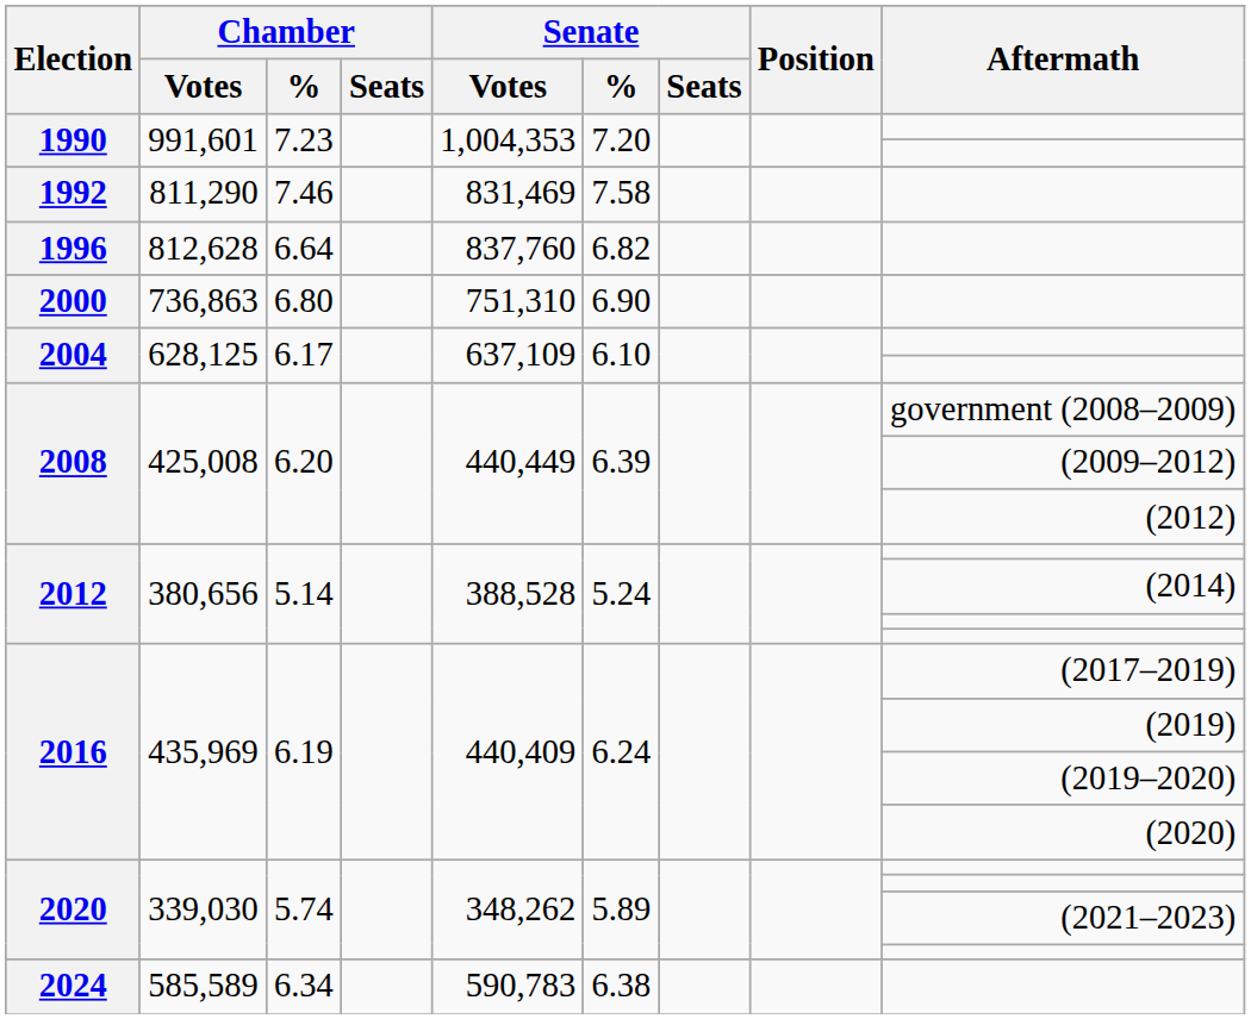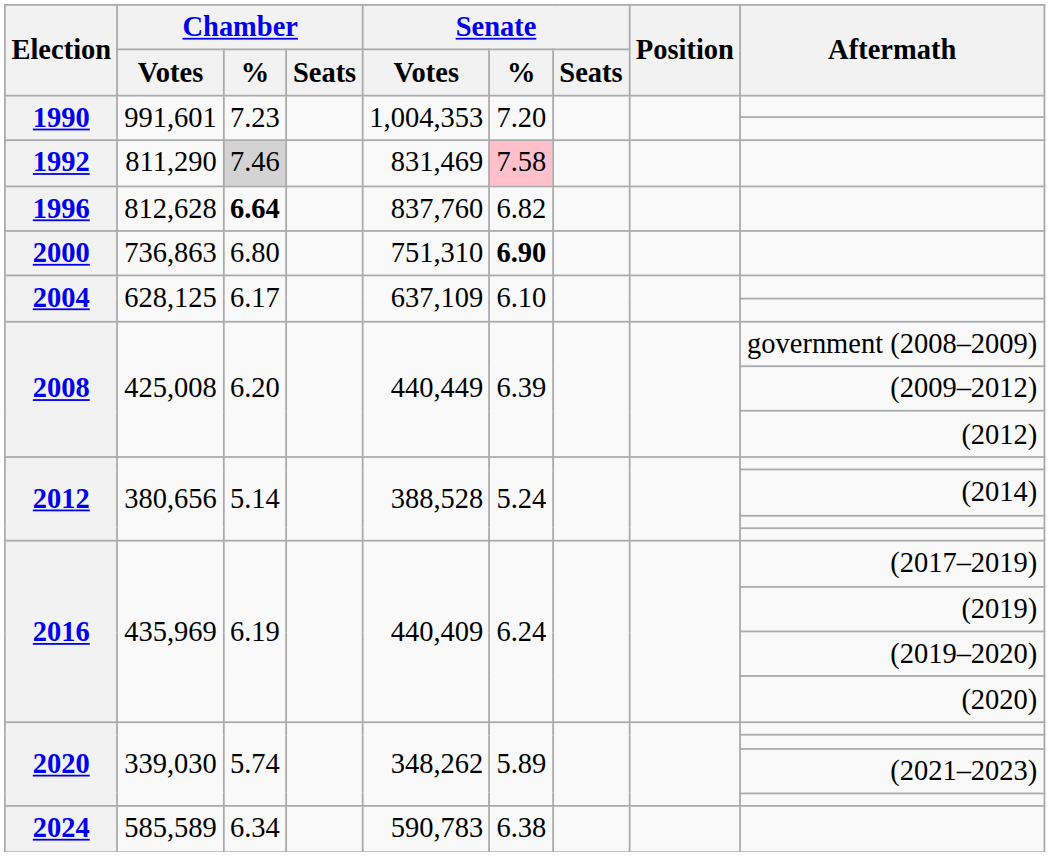 <table class="wikitable" style="text-align: right;">
 <tr>
 <th rowspan="2">Election</th>
 <th colspan="3"><a href='#'>Chamber</a></th>
 <th colspan="3"><a href='#'>Senate</a></th>
 <th rowspan="2">Position</th>
 <th rowspan="2">Aftermath</th>
 </tr>
 <tr>
 <th>Votes</th>
 <th>%</th>
 <th>Seats</th>
 <th>Votes</th>
 <th>%</th>
 <th>Seats</th>
 </tr>
 <tr>
 <th rowspan=2><a href='#'>1990</a></th>
 <td rowspan=2>991,601</td>
 <td rowspan=2>7.23</td>
 <td rowspan=2></td>
 <td rowspan=2>1,004,353</td>
 <td rowspan=2>7.20</td>
 <td rowspan=2></td>
 <td rowspan=2; style="text-align: center;"></td>
 <td></td>
 </tr>
 <tr>
 <td></td>
 </tr>
 <tr>
 <th><a href='#'>1992</a></th>
 <td>811,290</td>
-<td>7.46</td>
+<td style="background: lightgrey;">7.46</td>
 <td></td>
 <td>831,469</td>
-<td>7.58</td>
+<td style="background: pink;">7.58</td>
 <td></td>
 <td style="text-align: center;"></td>
 <td></td>
 </tr>
 <tr>
 <th><a href='#'>1996</a></th>
 <td>812,628</td>
-<td>6.64</td>
+<td><strong>6.64</strong></td>
 <td></td>
 <td>837,760</td>
 <td>6.82</td>
 <td></td>
 <td style="text-align: center;"></td>
 <td></td>
 </tr>
 <tr>
 <th><a href='#'>2000</a></th>
 <td>736,863</td>
 <td>6.80</td>
 <td></td>
 <td>751,310</td>
-<td>6.90</td>
+<td><strong>6.90</strong></td>
 <td></td>
 <td style="text-align: center;"></td>
 <td></td>
 </tr>
 <tr>
 <th rowspan=2><a href='#'>2004</a></th>
 <td rowspan=2>628,125</td>
 <td rowspan=2>6.17</td>
 <td rowspan=2></td>
 <td rowspan=2>637,109</td>
 <td rowspan=2>6.10</td>
 <td rowspan=2></td>
 <td rowspan=2; style="text-align: center;"></td>
 <td></td>
 </tr>
 <tr>
 <td></td>
 </tr>
 <tr>
 <th rowspan=3><a href='#'>2008</a></th>
 <td rowspan=3>425,008</td>
 <td rowspan=3>6.20</td>
 <td rowspan=3></td>
 <td rowspan=3>440,449</td>
 <td rowspan=3>6.39</td>
 <td rowspan=3></td>
 <td rowspan=3; style="text-align: center;"></td>
 <td> government (2008–2009)</td>
 </tr>
 <tr>
 <td> (2009–2012)</td>
 </tr>
 <tr>
 <td> (2012)</td>
 </tr>
 <tr>
 <th rowspan=4><a href='#'>2012</a></th>
 <td rowspan=4>380,656</td>
 <td rowspan=4>5.14</td>
 <td rowspan=4></td>
 <td rowspan=4>388,528</td>
 <td rowspan=4>5.24</td>
 <td rowspan=4></td>
 <td rowspan=4; style="text-align: center;"></td>
 <td></td>
 </tr>
 <tr>
 <td> (2014)</td>
 </tr>
 <tr>
 <td></td>
 </tr>
 <tr>
 <td></td>
 </tr>
 <tr>
 <th rowspan=4><a href='#'>2016</a></th>
 <td rowspan=4>435,969</td>
 <td rowspan=4>6.19</td>
 <td rowspan=4></td>
 <td rowspan=4>440,409</td>
 <td rowspan=4>6.24</td>
 <td rowspan=4></td>
 <td rowspan=4; style="text-align: center;"></td>
 <td> (2017–2019)</td>
 </tr>
 <tr>
 <td> (2019)</td>
 </tr>
 <tr>
 <td> (2019–2020)</td>
 </tr>
 <tr>
 <td> (2020)</td>
 </tr>
 <tr>
 <th rowspan=4><a href='#'>2020</a></th>
 <td rowspan=4>339,030</td>
 <td rowspan=4>5.74</td>
 <td rowspan=4></td>
 <td rowspan=4>348,262</td>
 <td rowspan=4>5.89</td>
 <td rowspan=4></td>
 <td rowspan=4; style="text-align: center;"></td>
 <td></td>
 </tr>
 <tr>
 <td></td>
 </tr>
 <tr>
 <td> (2021–2023)</td>
 </tr>
 <tr>
 <td></td>
 </tr>
 <tr>
 <th><a href='#'>2024</a></th>
 <td>585,589</td>
 <td>6.34</td>
 <td></td>
 <td>590,783</td>
 <td>6.38</td>
 <td></td>
 <td style="text-align: center;"></td>
 <td></td>
 </tr>
 </table>
